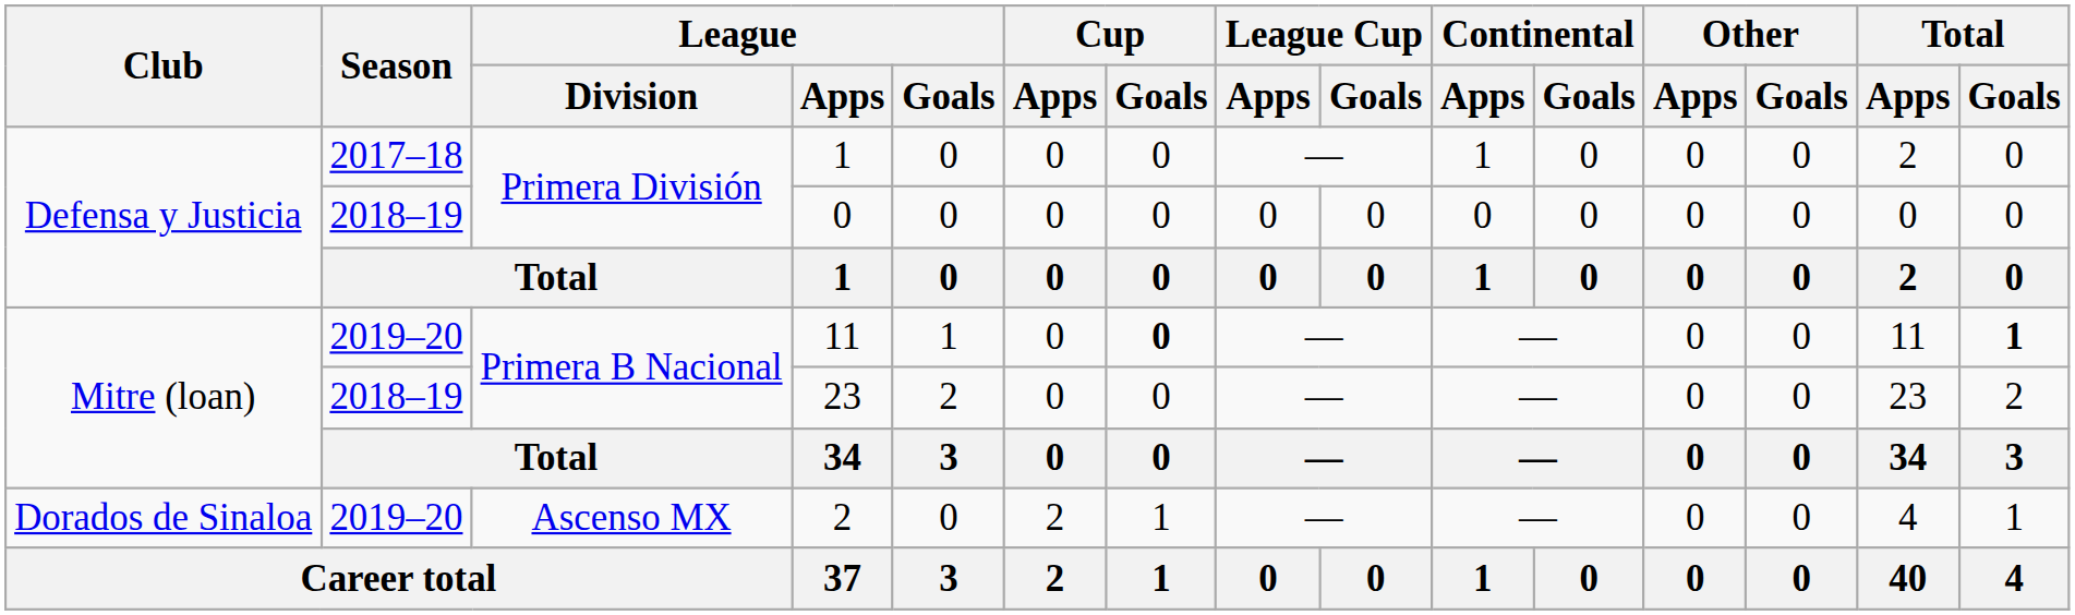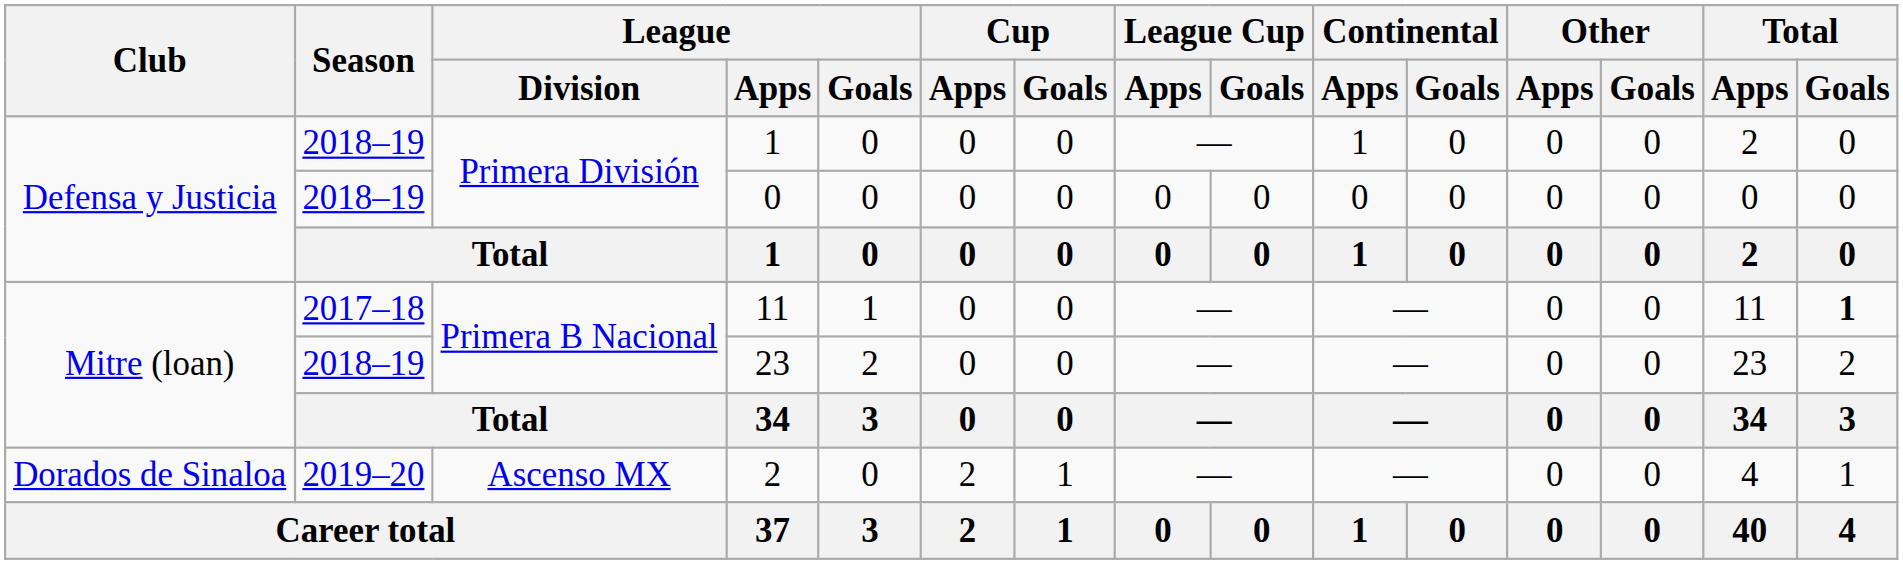 <table class="wikitable" style="text-align:center">
 <tr>
 <th rowspan="2">Club</th>
 <th rowspan="2">Season</th>
 <th colspan="3">League</th>
 <th colspan="2">Cup</th>
 <th colspan="2">League Cup</th>
 <th colspan="2">Continental</th>
 <th colspan="2">Other</th>
 <th colspan="2">Total</th>
 </tr>
 <tr>
 <th>Division</th>
 <th>Apps</th>
 <th>Goals</th>
 <th>Apps</th>
 <th>Goals</th>
 <th>Apps</th>
 <th>Goals</th>
 <th>Apps</th>
 <th>Goals</th>
 <th>Apps</th>
 <th>Goals</th>
 <th>Apps</th>
 <th>Goals</th>
 </tr>
 <tr>
 <td rowspan="3"><a href='#'>Defensa y Justicia</a></td>
-<td><a href='#'>2017–18</a></td>
+<td><a href='#'>2018–19</a></td>
 <td rowspan="2"><a href='#'>Primera División</a></td>
 <td>1</td>
 <td>0</td>
 <td>0</td>
 <td>0</td>
 <td colspan="2">—</td>
 <td>1</td>
 <td>0</td>
 <td>0</td>
 <td>0</td>
 <td>2</td>
 <td>0</td>
 </tr>
 <tr>
 <td><a href='#'>2018–19</a></td>
 <td>0</td>
 <td>0</td>
 <td>0</td>
 <td>0</td>
 <td>0</td>
 <td>0</td>
 <td>0</td>
 <td>0</td>
 <td>0</td>
 <td>0</td>
 <td>0</td>
 <td>0</td>
 </tr>
 <tr>
 <th colspan="2">Total</th>
 <th>1</th>
 <th>0</th>
 <th>0</th>
 <th>0</th>
 <th>0</th>
 <th>0</th>
 <th>1</th>
 <th>0</th>
 <th>0</th>
 <th>0</th>
 <th>2</th>
 <th>0</th>
 </tr>
 <tr>
 <td rowspan="3"><a href='#'>Mitre</a> (loan)</td>
-<td><a href='#'>2019–20</a></td>
+<td><a href='#'>2017–18</a></td>
 <td rowspan="2"><a href='#'>Primera B Nacional</a></td>
 <td>11</td>
 <td>1</td>
 <td>0</td>
-<td><strong>0</strong></td>
+<td>0</td>
 <td colspan="2">—</td>
 <td colspan="2">—</td>
 <td>0</td>
 <td>0</td>
 <td>11</td>
 <td><strong>1</strong></td>
 </tr>
 <tr>
 <td><a href='#'>2018–19</a></td>
 <td>23</td>
 <td>2</td>
 <td>0</td>
 <td>0</td>
 <td colspan="2">—</td>
 <td colspan="2">—</td>
 <td>0</td>
 <td>0</td>
 <td>23</td>
 <td>2</td>
 </tr>
 <tr>
 <th colspan="2">Total</th>
 <th>34</th>
 <th>3</th>
 <th>0</th>
 <th>0</th>
 <th colspan="2">—</th>
 <th colspan="2">—</th>
 <th>0</th>
 <th>0</th>
 <th>34</th>
 <th>3</th>
 </tr>
 <tr>
 <td rowspan="1"><a href='#'>Dorados de Sinaloa</a></td>
 <td><a href='#'>2019–20</a></td>
 <td rowspan="1"><a href='#'>Ascenso MX</a></td>
 <td>2</td>
 <td>0</td>
 <td>2</td>
 <td>1</td>
 <td colspan="2">—</td>
 <td colspan="2">—</td>
 <td>0</td>
 <td>0</td>
 <td>4</td>
 <td>1</td>
 </tr>
 <tr>
 <th colspan="3">Career total</th>
 <th>37</th>
 <th>3</th>
 <th>2</th>
 <th>1</th>
 <th>0</th>
 <th>0</th>
 <th>1</th>
 <th>0</th>
 <th>0</th>
 <th>0</th>
 <th>40</th>
 <th>4</th>
 </tr>
 </table>
